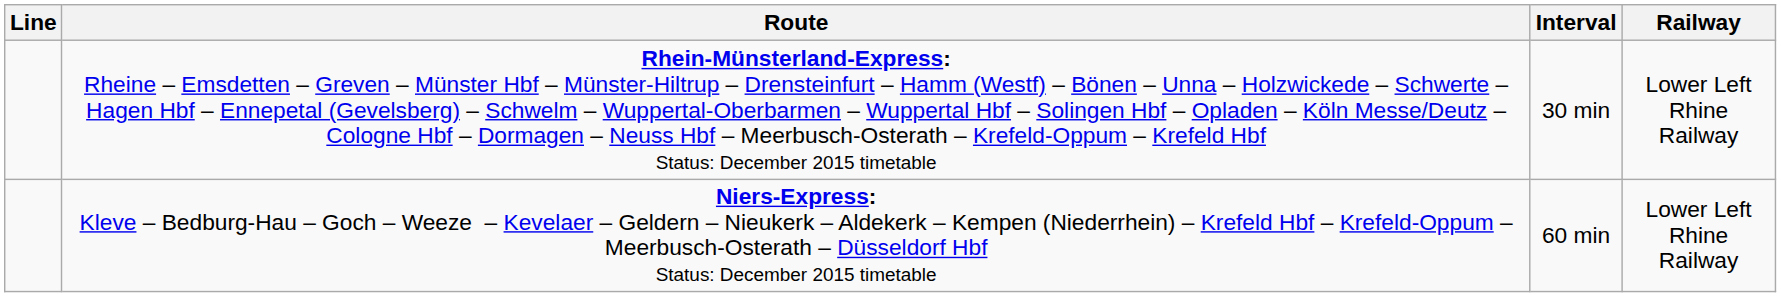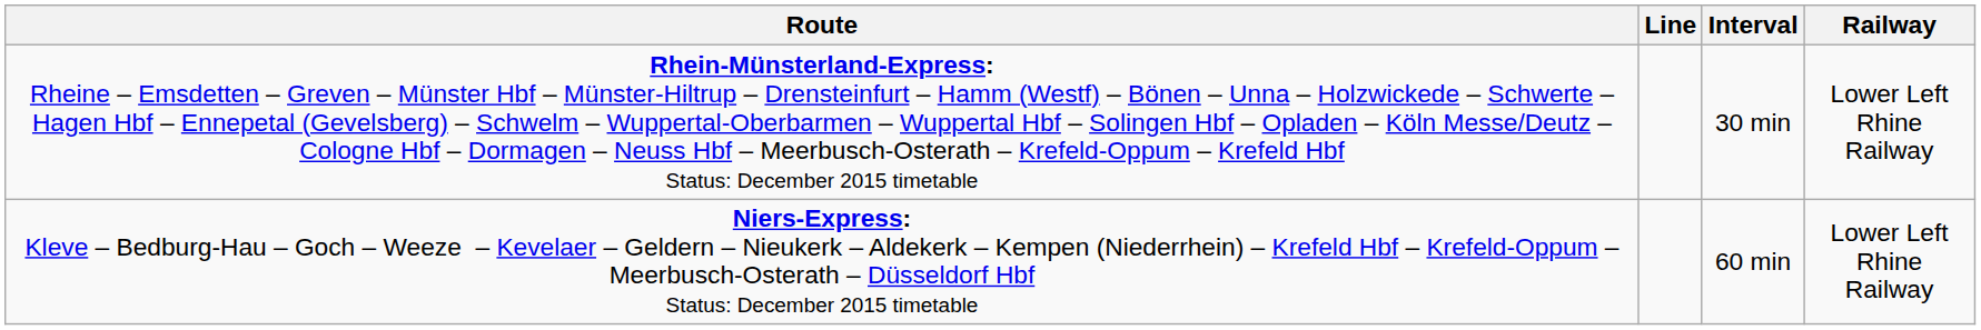 <table class="wikitable">
 <tr>
+<th>Route</th>
 <th>Line</th>
-<th>Route</th>
 <th>Interval</th>
 <th>Railway</th>
 </tr>
 <tr align="center">
+<td><strong><a href='#'>Rhein-Münsterland-Express</a>:</strong><br><a href='#'>Rheine</a> – <a href='#'>Emsdetten</a> – <a href='#'>Greven</a> – <a href='#'>Münster Hbf</a> – <a href='#'>Münster-Hiltrup</a> – <a href='#'>Drensteinfurt</a> – <a href='#'>Hamm (Westf)</a> – <a href='#'>Bönen</a> – <a href='#'>Unna</a> – <a href='#'>Holzwickede</a> – <a href='#'>Schwerte</a> – <a href='#'>Hagen Hbf</a> – <a href='#'>Ennepetal (Gevelsberg)</a> – <a href='#'>Schwelm</a> – <a href='#'>Wuppertal-Oberbarmen</a> – <a href='#'>Wuppertal Hbf</a> – <a href='#'>Solingen Hbf</a> – <a href='#'>Opladen</a> – <a href='#'>Köln Messe/Deutz</a> – <a href='#'>Cologne Hbf</a> – <a href='#'>Dormagen</a> – <a href='#'>Neuss Hbf</a> – Meerbusch-Osterath – <a href='#'>Krefeld-Oppum</a> – <a href='#'>Krefeld Hbf</a><br><small>Status: December 2015 timetable</small></td>
 <td></td>
-<td><strong><a href='#'>Rhein-Münsterland-Express</a>:</strong><br><a href='#'>Rheine</a> – <a href='#'>Emsdetten</a> – <a href='#'>Greven</a> – <a href='#'>Münster Hbf</a> – <a href='#'>Münster-Hiltrup</a> – <a href='#'>Drensteinfurt</a> – <a href='#'>Hamm (Westf)</a> – <a href='#'>Bönen</a> – <a href='#'>Unna</a> – <a href='#'>Holzwickede</a> – <a href='#'>Schwerte</a> – <a href='#'>Hagen Hbf</a> – <a href='#'>Ennepetal (Gevelsberg)</a> – <a href='#'>Schwelm</a> – <a href='#'>Wuppertal-Oberbarmen</a> – <a href='#'>Wuppertal Hbf</a> – <a href='#'>Solingen Hbf</a> – <a href='#'>Opladen</a> – <a href='#'>Köln Messe/Deutz</a> – <a href='#'>Cologne Hbf</a> – <a href='#'>Dormagen</a> – <a href='#'>Neuss Hbf</a> – Meerbusch-Osterath – <a href='#'>Krefeld-Oppum</a> – <a href='#'>Krefeld Hbf</a><br><small>Status: December 2015 timetable</small></td>
 <td>30 min</td>
 <td>Lower Left Rhine Railway</td>
 </tr>
 <tr align="center">
+<td><strong><a href='#'>Niers-Express</a>:</strong><br><a href='#'>Kleve</a> – Bedburg-Hau – Goch – Weeze  – <a href='#'>Kevelaer</a> – Geldern – Nieukerk – Aldekerk – Kempen (Niederrhein) – <a href='#'>Krefeld Hbf</a> – <a href='#'>Krefeld-Oppum</a> – Meerbusch-Osterath – <a href='#'>Düsseldorf Hbf</a><br><small>Status: December 2015 timetable</small></td>
 <td></td>
-<td><strong><a href='#'>Niers-Express</a>:</strong><br><a href='#'>Kleve</a> – Bedburg-Hau – Goch – Weeze  – <a href='#'>Kevelaer</a> – Geldern – Nieukerk – Aldekerk – Kempen (Niederrhein) – <a href='#'>Krefeld Hbf</a> – <a href='#'>Krefeld-Oppum</a> – Meerbusch-Osterath – <a href='#'>Düsseldorf Hbf</a><br><small>Status: December 2015 timetable</small></td>
 <td>60 min</td>
 <td>Lower Left Rhine Railway</td>
 </tr>
 </table>
